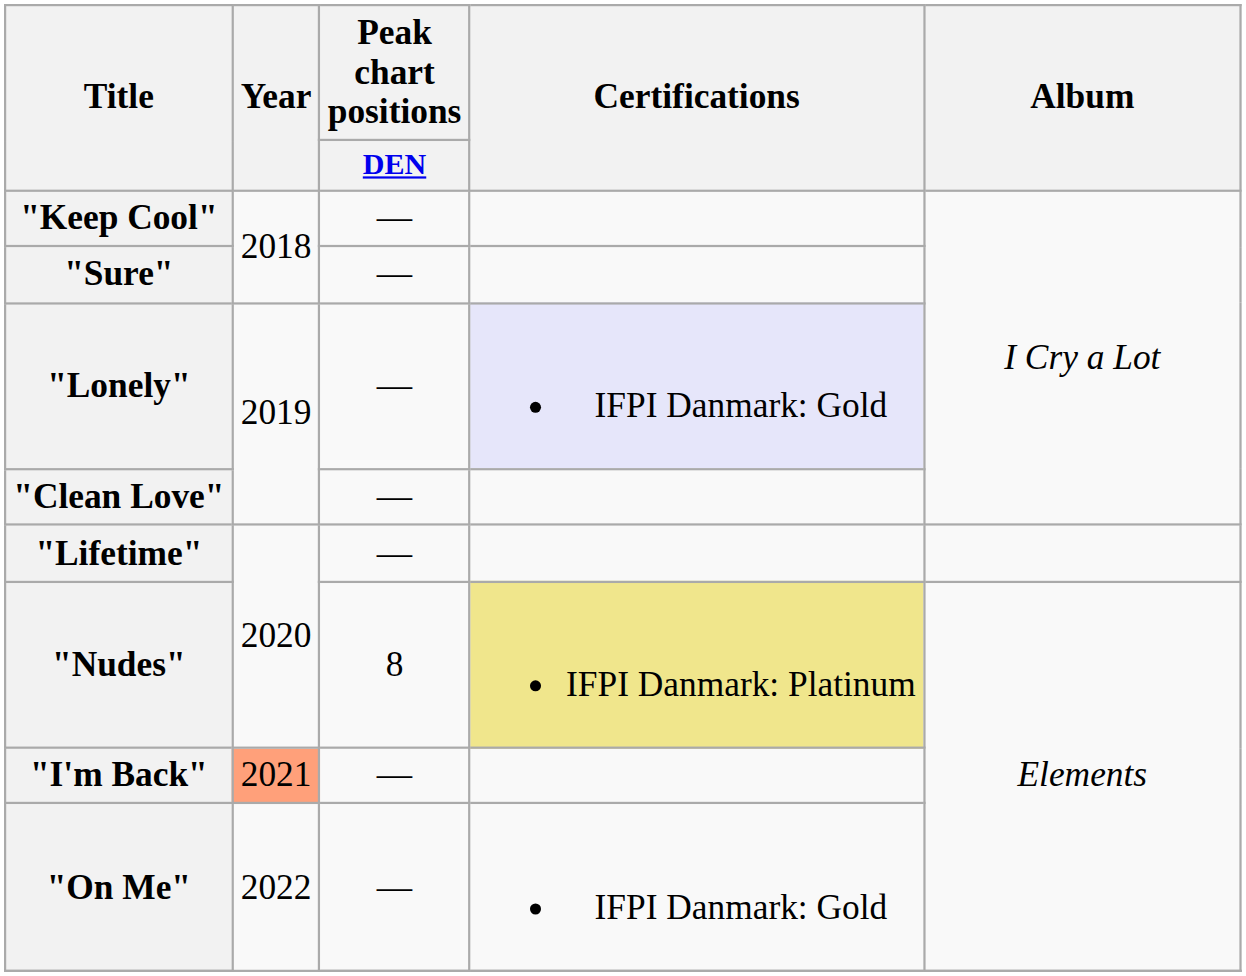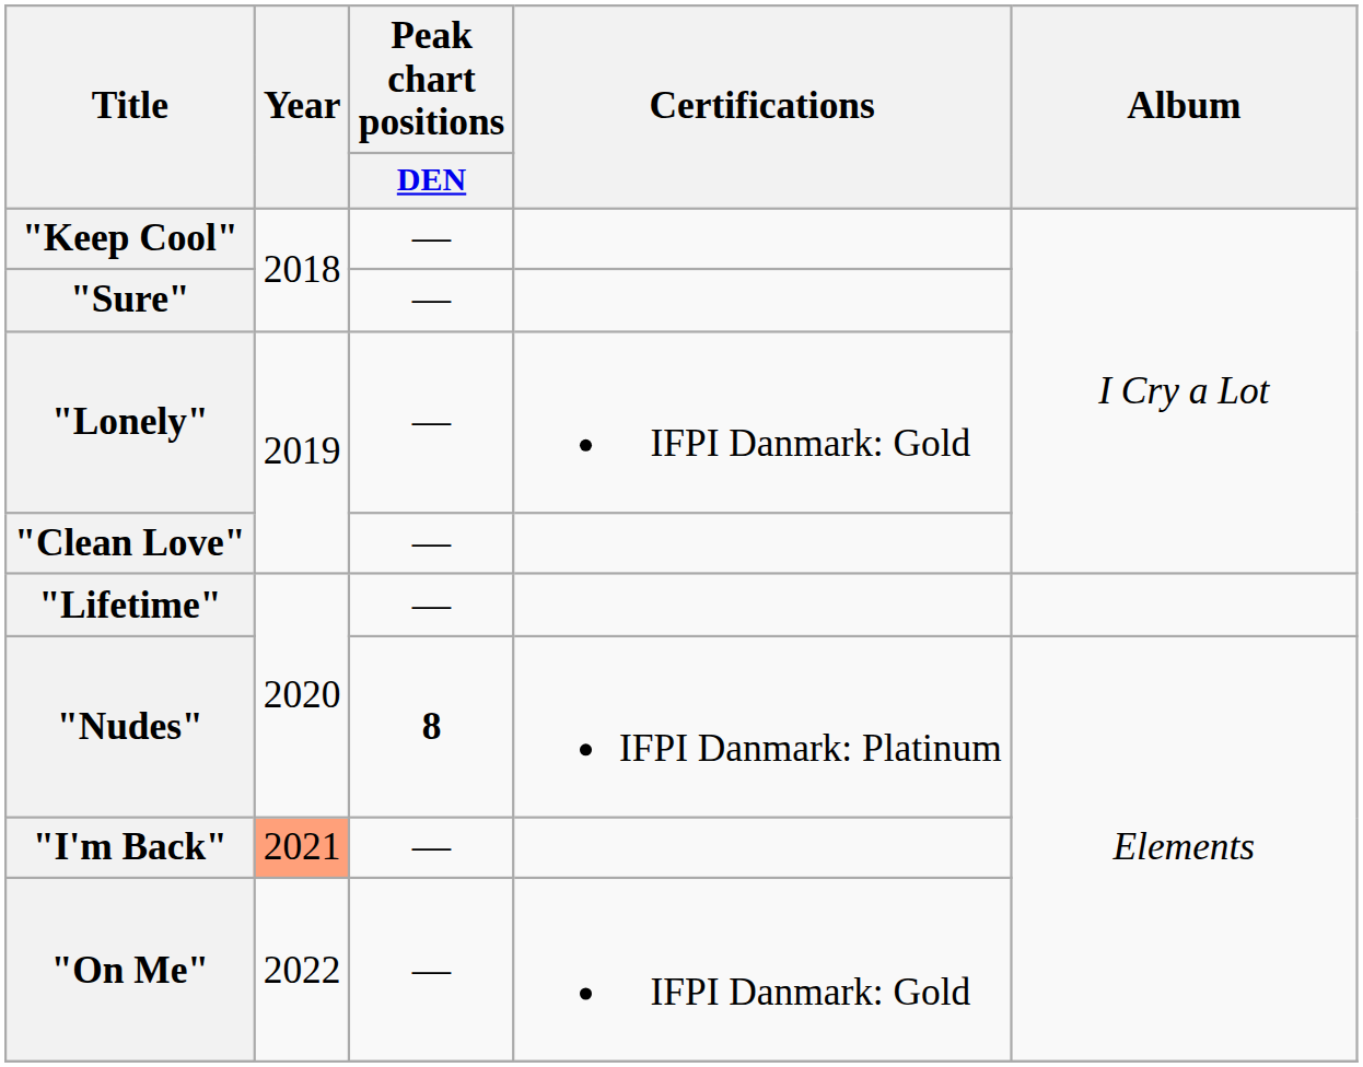 <table class="wikitable plainrowheaders" style="text-align:center;">
 <tr>
 <th scope="col" rowspan="2">Title</th>
 <th scope="col" rowspan="2">Year</th>
 <th scope="col">Peak chart positions</th>
 <th scope="col" rowspan="2">Certifications</th>
 <th scope="col" rowspan="2" style="width:8.5em;">Album</th>
 </tr>
 <tr>
 <th scope="col" style="width:3em;font-size:85%;"><a href='#'>DEN</a><br></th>
 </tr>
 <tr>
 <th scope="row">"Keep Cool"</th>
 <td rowspan="2">2018</td>
 <td>—</td>
 <td></td>
 <td rowspan="4"><em>I Cry a Lot</em></td>
 </tr>
 <tr>
 <th scope="row">"Sure"</th>
 <td>—</td>
 <td></td>
 </tr>
 <tr>
 <th scope="row">"Lonely"</th>
 <td rowspan="2">2019</td>
 <td>—</td>
-<td style="background: lavender;"><br><ul><li>IFPI Danmark: Gold</li></ul></td>
+<td><br><ul><li>IFPI Danmark: Gold</li></ul></td>
 </tr>
 <tr>
 <th scope="row">"Clean Love"</th>
 <td>—</td>
 <td></td>
 </tr>
 <tr>
 <th scope="row">"Lifetime"<br></th>
 <td rowspan="2">2020</td>
 <td>—</td>
 <td></td>
 <td></td>
 </tr>
 <tr>
 <th scope="row">"Nudes"</th>
-<td>8</td>
-<td style="background: khaki;"><br><ul><li>IFPI Danmark: Platinum</li></ul></td>
+<td><strong>8</strong></td>
+<td><br><ul><li>IFPI Danmark: Platinum</li></ul></td>
 <td rowspan="3"><em>Elements</em></td>
 </tr>
 <tr>
 <th scope="row">"I'm Back"</th>
 <td style="background: lightsalmon;">2021</td>
 <td>—</td>
 <td></td>
 </tr>
 <tr>
 <th scope="row">"On Me"</th>
 <td rowspan="2">2022</td>
 <td>—</td>
 <td><br><ul><li>IFPI Danmark: Gold</li></ul></td>
 </tr>
 <tr>
 </tr>
 </table>
